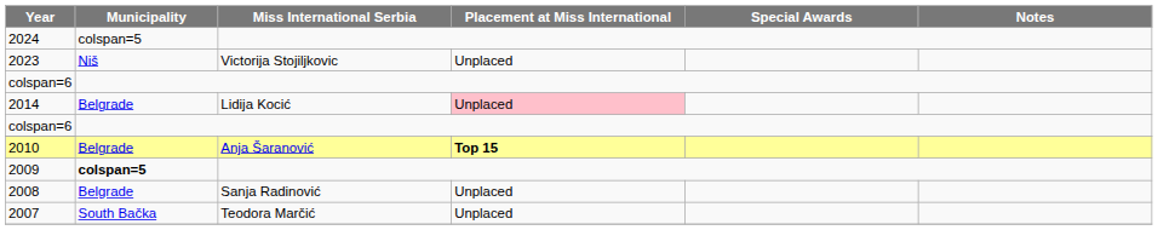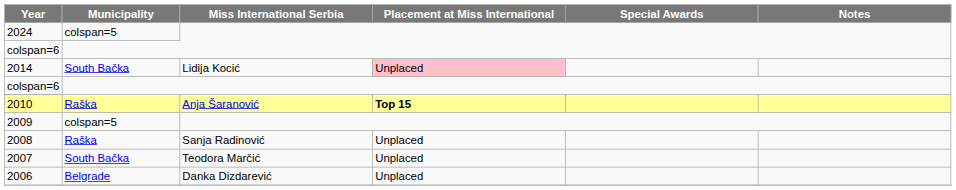 <table class="wikitable " style="font-size: 95%;">
 <tr>
 <th width="60" style="background-color:#787878;color:#FFFFFF;">Year</th>
 <th width="150" style="background-color:#787878;color:#FFFFFF;">Municipality</th>
 <th width="250" style="background-color:#787878;color:#FFFFFF;">Miss International Serbia</th>
 <th width="250" style="background-color:#787878;color:#FFFFFF;">Placement at Miss International</th>
 <th width="250" style="background-color:#787878;color:#FFFFFF;">Special Awards</th>
 <th width="250" style="background-color:#787878;color:#FFFFFF;">Notes</th>
 </tr>
 <tr>
 <td>2024</td>
 <td>colspan=5 </td>
 </tr>
 <tr>
-<td>2023</td>
-<td><a href='#'>Niš</a></td>
-<td>Victorija Stojiljkovic</td>
-<td>Unplaced</td>
-<td></td>
-<td></td>
-</tr>
-<tr>
 <td>colspan=6 </td>
 </tr>
 <tr>
 <td>2014</td>
-<td><a href='#'>Belgrade</a></td>
+<td><a href='#'>South Bačka</a></td>
 <td>Lidija Kocić</td>
 <td style="background: pink;">Unplaced</td>
 <td></td>
 <td></td>
 </tr>
 <tr>
 <td>colspan=6 </td>
 </tr>
 <tr>
 </tr>
 <tr style="background-color:#FFFF99; ">
 <td>2010</td>
-<td><a href='#'>Belgrade</a></td>
+<td><a href='#'>Raška</a></td>
 <td><a href='#'>Anja Šaranović</a></td>
 <td><strong>Top 15</strong></td>
 <td></td>
 <td></td>
 </tr>
 <tr>
 <td>2009</td>
-<td><strong>colspan=5 </strong></td>
+<td>colspan=5 </td>
 </tr>
 <tr>
 <td>2008</td>
-<td><a href='#'>Belgrade</a></td>
+<td><a href='#'>Raška</a></td>
 <td>Sanja Radinović</td>
 <td>Unplaced</td>
 <td></td>
 <td></td>
 </tr>
 <tr>
 <td>2007</td>
 <td><a href='#'>South Bačka</a></td>
 <td>Teodora Marčić</td>
 <td>Unplaced</td>
 <td></td>
 <td></td>
 </tr>
 <tr>
+<td>2006</td>
+<td><a href='#'>Belgrade</a></td>
+<td>Danka Dizdarević</td>
+<td>Unplaced</td>
+<td></td>
+<td></td>
+</tr>
+<tr>
 </tr>
 </table>
